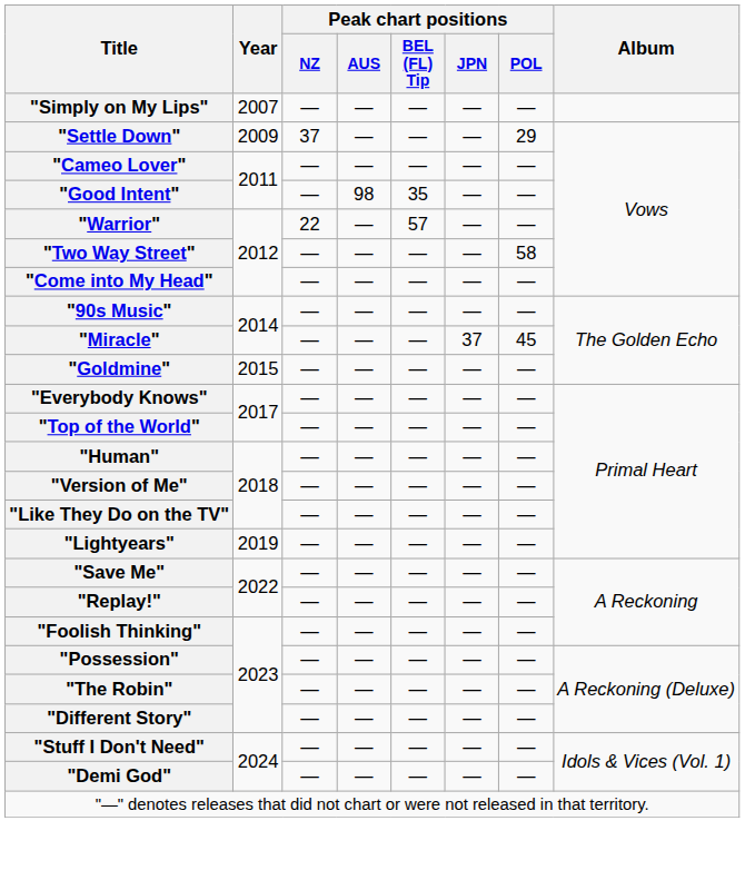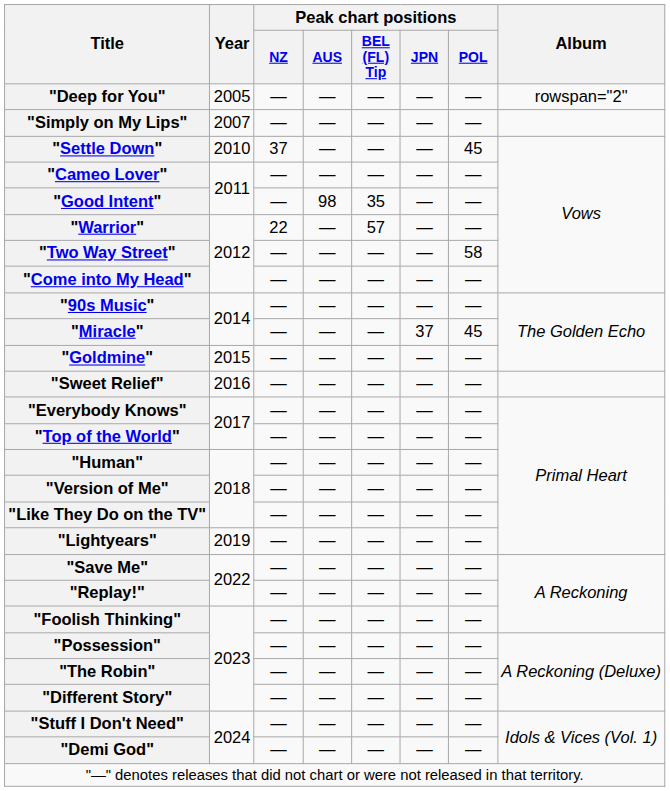 <table class="wikitable plainrowheaders" style="text-align:center;">
 <tr>
 <th scope="col" rowspan="2">Title</th>
 <th scope="col" rowspan="2">Year</th>
 <th scope="col" colspan="5">Peak chart positions</th>
 <th scope="col" rowspan="2">Album</th>
 </tr>
 <tr>
 <th scope="col" style="width:3em;font-size:85%;"><a href='#'>NZ</a><br></th>
 <th scope="col" style="width:3em;font-size:85%;"><a href='#'>AUS</a><br></th>
 <th scope="col" style="width:3em;font-size:85%;"><a href='#'>BEL<br>(FL)<br>Tip</a><br></th>
 <th scope="col" style="width:3em;font-size:85%;"><a href='#'>JPN</a><br></th>
 <th scope="col" style="width:3em;font-size:85%;"><a href='#'>POL</a><br></th>
 </tr>
 <tr>
+<th scope="row">"Deep for You"</th>
+<td>2005</td>
+<td>—</td>
+<td>—</td>
+<td>—</td>
+<td>—</td>
+<td>—</td>
+<td>rowspan="2" </td>
+</tr>
+<tr>
 <th scope="row">"Simply on My Lips"</th>
 <td>2007</td>
 <td>—</td>
 <td>—</td>
 <td>—</td>
 <td>—</td>
 <td>—</td>
 </tr>
 <tr>
 <th scope="row">"<a href='#'>Settle Down</a>"</th>
-<td>2009</td>
+<td>2010</td>
 <td>37</td>
 <td>—</td>
 <td>—</td>
 <td>—</td>
-<td>29</td>
+<td>45</td>
 <td rowspan="6"><em>Vows</em></td>
 </tr>
 <tr>
 <th scope="row">"<a href='#'>Cameo Lover</a>"</th>
 <td rowspan="2">2011</td>
 <td>—</td>
 <td>—</td>
 <td>—</td>
 <td>—</td>
 <td>—</td>
 </tr>
 <tr>
 <th scope="row">"<a href='#'>Good Intent</a>"</th>
 <td>—</td>
 <td>98</td>
 <td>35</td>
 <td>—</td>
 <td>—</td>
 </tr>
 <tr>
 <th scope="row">"<a href='#'>Warrior</a>"<br></th>
 <td rowspan="3">2012</td>
 <td>22</td>
 <td>—</td>
 <td>57</td>
 <td>—</td>
 <td>—</td>
 </tr>
 <tr>
 <th scope="row">"<a href='#'>Two Way Street</a>"</th>
 <td>—</td>
 <td>—</td>
 <td>—</td>
 <td>—</td>
 <td>58</td>
 </tr>
 <tr>
 <th scope="row">"<a href='#'>Come into My Head</a>"</th>
 <td>—</td>
 <td>—</td>
 <td>—</td>
 <td>—</td>
 <td>—</td>
 </tr>
 <tr>
 <th scope="row">"<a href='#'>90s Music</a>"</th>
 <td rowspan="2">2014</td>
 <td>—</td>
 <td>—</td>
 <td>—</td>
 <td>—</td>
 <td>—</td>
 <td rowspan="3"><em>The Golden Echo</em></td>
 </tr>
 <tr>
 <th scope="row">"<a href='#'>Miracle</a>"</th>
 <td>—</td>
 <td>—</td>
 <td>—</td>
 <td>37</td>
 <td>45</td>
 </tr>
 <tr>
 <th scope="row">"<a href='#'>Goldmine</a>"</th>
 <td>2015</td>
 <td>—</td>
 <td>—</td>
 <td>—</td>
 <td>—</td>
 <td>—</td>
+</tr>
+<tr>
+<th scope="row">"Sweet Relief"</th>
+<td>2016</td>
+<td>—</td>
+<td>—</td>
+<td>—</td>
+<td>—</td>
+<td>—</td>
+<td></td>
 </tr>
 <tr>
 <th scope="row">"Everybody Knows"</th>
 <td rowspan="2">2017</td>
 <td>—</td>
 <td>—</td>
 <td>—</td>
 <td>—</td>
 <td>—</td>
 <td rowspan="6"><em>Primal Heart</em></td>
 </tr>
 <tr>
 <th scope="row">"<a href='#'>Top of the World</a>"<br></th>
 <td>—</td>
 <td>—</td>
 <td>—</td>
 <td>—</td>
 <td>—</td>
 </tr>
 <tr>
 <th scope="row">"Human"</th>
 <td rowspan="3">2018</td>
 <td>—</td>
 <td>—</td>
 <td>—</td>
 <td>—</td>
 <td>—</td>
 </tr>
 <tr>
 <th scope="row">"Version of Me"<br></th>
 <td>—</td>
 <td>—</td>
 <td>—</td>
 <td>—</td>
 <td>—</td>
 </tr>
 <tr>
 <th scope="row">"Like They Do on the TV"</th>
 <td>—</td>
 <td>—</td>
 <td>—</td>
 <td>—</td>
 <td>—</td>
 </tr>
 <tr>
 <th scope="row">"Lightyears"</th>
 <td rowspan="1">2019</td>
 <td>—</td>
 <td>—</td>
 <td>—</td>
 <td>—</td>
 <td>—</td>
 </tr>
 <tr>
 <th scope="row">"Save Me"</th>
 <td rowspan="2">2022</td>
 <td>—</td>
 <td>—</td>
 <td>—</td>
 <td>—</td>
 <td>—</td>
 <td rowspan="3"><em>A Reckoning</em></td>
 </tr>
 <tr>
 <th scope="row">"Replay!"</th>
 <td>—</td>
 <td>—</td>
 <td>—</td>
 <td>—</td>
 <td>—</td>
 </tr>
 <tr>
 <th scope="row">"Foolish Thinking"<br></th>
 <td rowspan="4">2023</td>
 <td>—</td>
 <td>—</td>
 <td>—</td>
 <td>—</td>
 <td>—</td>
 </tr>
 <tr>
 <th scope="row">"Possession"</th>
 <td>—</td>
 <td>—</td>
 <td>—</td>
 <td>—</td>
 <td>—</td>
 <td rowspan="3"><em>A Reckoning (Deluxe)</em></td>
 </tr>
 <tr>
 <th scope="row">"The Robin"</th>
 <td>—</td>
 <td>—</td>
 <td>—</td>
 <td>—</td>
 <td>—</td>
 </tr>
 <tr>
 <th scope="row">"Different Story"</th>
 <td>—</td>
 <td>—</td>
 <td>—</td>
 <td>—</td>
 <td>—</td>
 </tr>
 <tr>
 <th scope="row">"Stuff I Don't Need"<br></th>
 <td rowspan="2">2024</td>
 <td>—</td>
 <td>—</td>
 <td>—</td>
 <td>—</td>
 <td>—</td>
 <td rowspan="2"><em>Idols & Vices (Vol. 1)</em></td>
 </tr>
 <tr>
 <th scope="row">"Demi God"<br></th>
 <td>—</td>
 <td>—</td>
 <td>—</td>
 <td>—</td>
 <td>—</td>
 </tr>
 <tr>
 <td colspan="8" style="font-size:90%">"—" denotes releases that did not chart or were not released in that territory.</td>
 </tr>
 </table>
